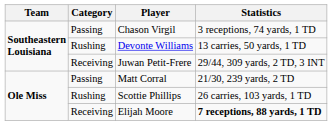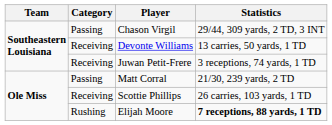 <table class="wikitable" style="float: right;">
 <tr>
 <th>Team</th>
 <th>Category</th>
 <th>Player</th>
 <th>Statistics</th>
 </tr>
 <tr>
 <td rowspan=3><strong>Southeastern<br>Louisiana<br></strong></td>
 <td>Passing</td>
 <td>Chason Virgil</td>
-<td>3 receptions, 74 yards, 1 TD</td>
+<td>29/44, 309 yards, 2 TD, 3 INT</td>
 </tr>
 <tr>
-<td>Rushing</td>
+<td>Receiving</td>
 <td><a href='#'>Devonte Williams</a></td>
 <td>13 carries, 50 yards, 1 TD</td>
 </tr>
 <tr>
 <td>Receiving</td>
 <td>Juwan Petit-Frere</td>
-<td>29/44, 309 yards, 2 TD, 3 INT</td>
+<td>3 receptions, 74 yards, 1 TD</td>
 </tr>
 <tr>
 <td rowspan=3><strong>Ole Miss</strong></td>
 <td>Passing</td>
 <td>Matt Corral</td>
 <td>21/30, 239 yards, 2 TD</td>
 </tr>
 <tr>
-<td>Rushing</td>
+<td>Receiving</td>
 <td>Scottie Phillips</td>
 <td>26 carries, 103 yards, 1 TD</td>
 </tr>
 <tr>
-<td>Receiving</td>
+<td>Rushing</td>
 <td>Elijah Moore</td>
 <td><strong>7 receptions, 88 yards, 1 TD</strong></td>
 </tr>
 </table>
